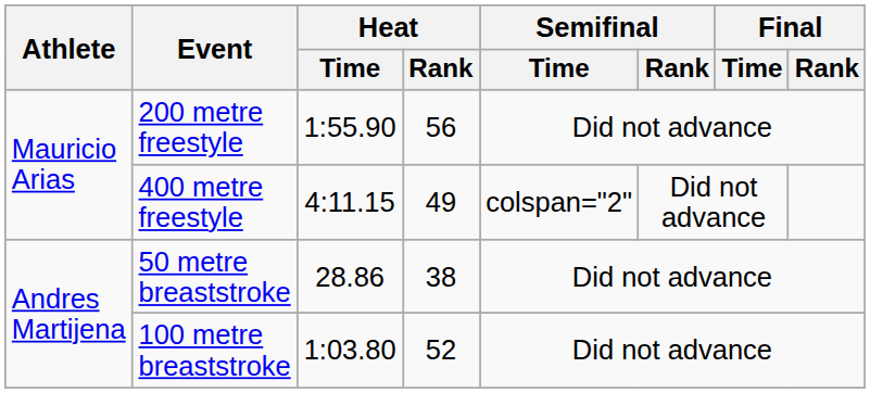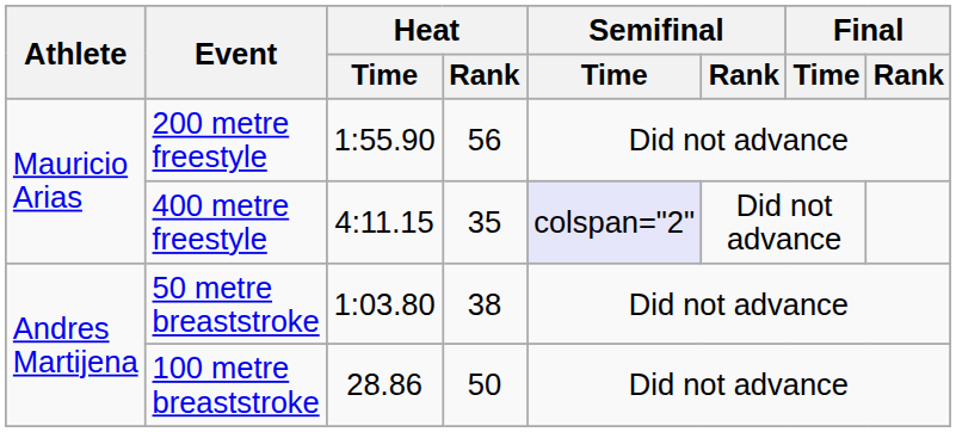 <table class="wikitable" style="text-align:center; font-size:90%; width:50%;">
 <tr>
 <th rowspan="2">Athlete</th>
 <th rowspan="2">Event</th>
 <th colspan="2">Heat</th>
 <th colspan="2">Semifinal</th>
 <th colspan="2">Final</th>
 </tr>
 <tr style="font-size:95%">
 <th>Time</th>
 <th>Rank</th>
 <th>Time</th>
 <th>Rank</th>
 <th>Time</th>
 <th>Rank</th>
 </tr>
 <tr>
 <td align=left rowspan=2><a href='#'>Mauricio Arias</a></td>
 <td align=left><a href='#'>200 metre freestyle</a></td>
 <td>1:55.90</td>
 <td>56</td>
 <td colspan=4>Did not advance</td>
 </tr>
 <tr>
 <td align=left><a href='#'>400 metre freestyle</a></td>
 <td>4:11.15</td>
-<td>49</td>
-<td>colspan="2" </td>
+<td>35</td>
+<td style="background: lavender;">colspan="2" </td>
 <td colspan="2">Did not advance</td>
 </tr>
 <tr>
 <td align=left rowspan=2><a href='#'>Andres Martijena</a></td>
 <td align=left><a href='#'>50 metre breaststroke</a></td>
-<td>28.86</td>
+<td>1:03.80</td>
 <td>38</td>
 <td colspan=4>Did not advance</td>
 </tr>
 <tr>
 <td align=left><a href='#'>100 metre breaststroke</a></td>
-<td>1:03.80</td>
-<td>52</td>
+<td>28.86</td>
+<td>50</td>
 <td colspan=4>Did not advance</td>
 </tr>
 </table>
